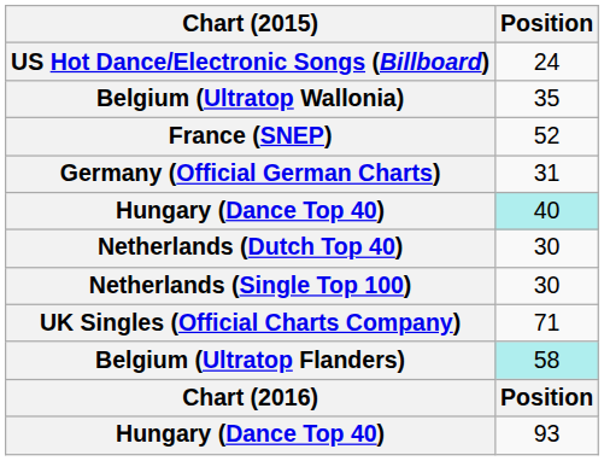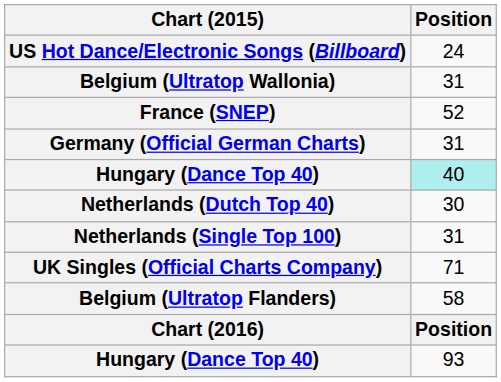 <table class="wikitable sortable plainrowheaders" style="text-align:center;">
 <tr>
 <th>Chart (2015)</th>
 <th>Position</th>
 </tr>
 <tr>
 <th scope="row">US <a href='#'>Hot Dance/Electronic Songs</a> (<em><a href='#'>Billboard</a></em>)</th>
 <td>24</td>
 </tr>
 <tr>
 <th scope="row">Belgium (<a href='#'>Ultratop</a> Wallonia)</th>
-<td>35</td>
+<td>31</td>
 </tr>
 <tr>
 <th scope="row">France (<a href='#'>SNEP</a>)</th>
 <td>52</td>
 </tr>
 <tr>
 <th scope="row">Germany (<a href='#'>Official German Charts</a>)</th>
 <td>31</td>
 </tr>
 <tr>
 <th scope="row">Hungary (<a href='#'>Dance Top 40</a>)</th>
 <td style="background: paleturquoise;">40</td>
 </tr>
 <tr>
 <th scope="row">Netherlands (<a href='#'>Dutch Top 40</a>)</th>
 <td>30</td>
 </tr>
 <tr>
 <th scope="row">Netherlands (<a href='#'>Single Top 100</a>)</th>
-<td>30</td>
+<td>31</td>
 </tr>
 <tr>
 <th scope="row">UK Singles (<a href='#'>Official Charts Company</a>)</th>
 <td>71</td>
 </tr>
 <tr>
 <th scope="row">Belgium (<a href='#'>Ultratop</a> Flanders)</th>
-<td style="background: paleturquoise;">58</td>
+<td>58</td>
 </tr>
 <tr>
 <th>Chart (2016)</th>
 <th>Position</th>
 </tr>
 <tr>
 <th scope="row">Hungary (<a href='#'>Dance Top 40</a>)</th>
 <td>93</td>
 </tr>
 </table>
